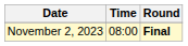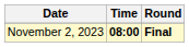 <table class="wikitable">
 <tr>
 <th>Date</th>
 <th>Time</th>
 <th>Round</th>
 </tr>
 <tr>
 </tr>
 <tr style=background:lemonchiffon>
 <td>November 2, 2023</td>
-<td>08:00</td>
+<td><strong>08:00</strong></td>
 <td><strong>Final</strong></td>
 </tr>
 </table>
